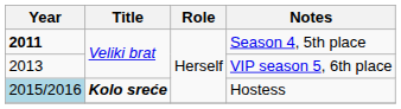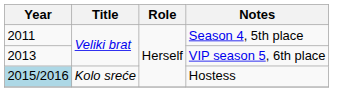 <table class="wikitable">
 <tr>
 <th>Year</th>
 <th>Title</th>
 <th>Role</th>
 <th>Notes</th>
 </tr>
 <tr>
-<td><strong>2011</strong></td>
+<td>2011</td>
 <td rowspan="2"><em><a href='#'>Veliki brat</a></em></td>
 <td rowspan="3">Herself</td>
 <td><a href='#'>Season 4</a>, 5th place</td>
 </tr>
 <tr>
 <td>2013</td>
 <td><a href='#'>VIP season 5</a>, 6th place</td>
 </tr>
 <tr>
 <td style="background: lightblue;">2015/2016</td>
-<td><strong><em>Kolo sreće</em></strong></td>
+<td><em>Kolo sreće</em></td>
 <td>Hostess</td>
 </tr>
 <tr>
 </tr>
 </table>
